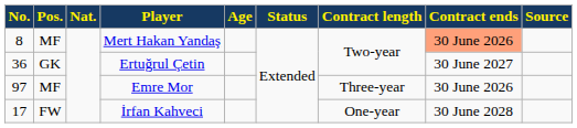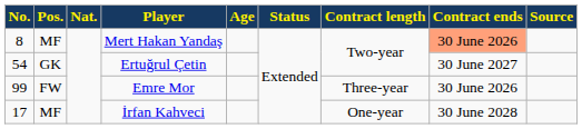 <table class="wikitable plainrowheaders sortable" style="text-align: center;">
 <tr>
 <th style="background:#163962; color:#FFF000; ">No.</th>
 <th style="background:#163962; color:#FFF000; ">Pos.</th>
 <th style="background:#163962; color:#FFF000; ">Nat.</th>
 <th style="background:#163962; color:#FFF000; ">Player</th>
 <th style="background:#163962; color:#FFF000; ">Age</th>
 <th style="background:#163962; color:#FFF000; ">Status</th>
 <th style="background:#163962; color:#FFF000; ">Contract length</th>
 <th style="background:#163962; color:#FFF000; ">Contract ends</th>
 <th style="background:#163962; color:#FFF000; ">Source</th>
 </tr>
 <tr>
 <td align=center>8</td>
 <td align=center>MF</td>
 <td rowspan=4></td>
 <td><a href='#'>Mert Hakan Yandaş</a></td>
 <td></td>
 <td rowspan=4>Extended</td>
 <td rowspan=2>Two-year</td>
 <td style="background: lightsalmon;">30 June 2026</td>
 <td></td>
 </tr>
 <tr>
-<td align=center>36</td>
+<td align=center>54</td>
 <td align=center>GK</td>
 <td><a href='#'>Ertuğrul Çetin</a></td>
 <td></td>
 <td>30 June 2027</td>
 <td></td>
 </tr>
 <tr>
-<td align=center>97</td>
-<td align=center>MF</td>
+<td align=center>99</td>
+<td align=center>FW</td>
 <td><a href='#'>Emre Mor</a></td>
 <td></td>
 <td>Three-year</td>
 <td>30 June 2026</td>
 <td></td>
 </tr>
 <tr>
 <td align=center>17</td>
-<td align=center>FW</td>
+<td align=center>MF</td>
 <td><a href='#'>İrfan Kahveci</a></td>
 <td></td>
 <td>One-year</td>
 <td>30 June 2028</td>
 <td></td>
 </tr>
 </table>
